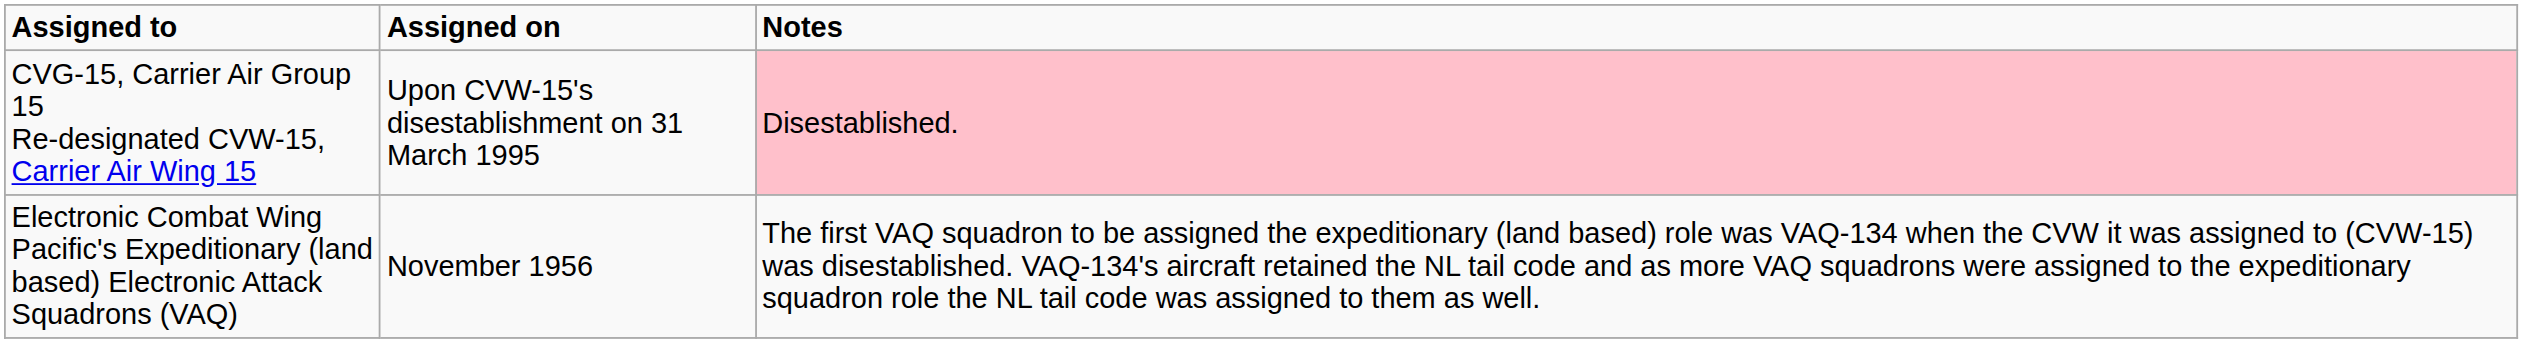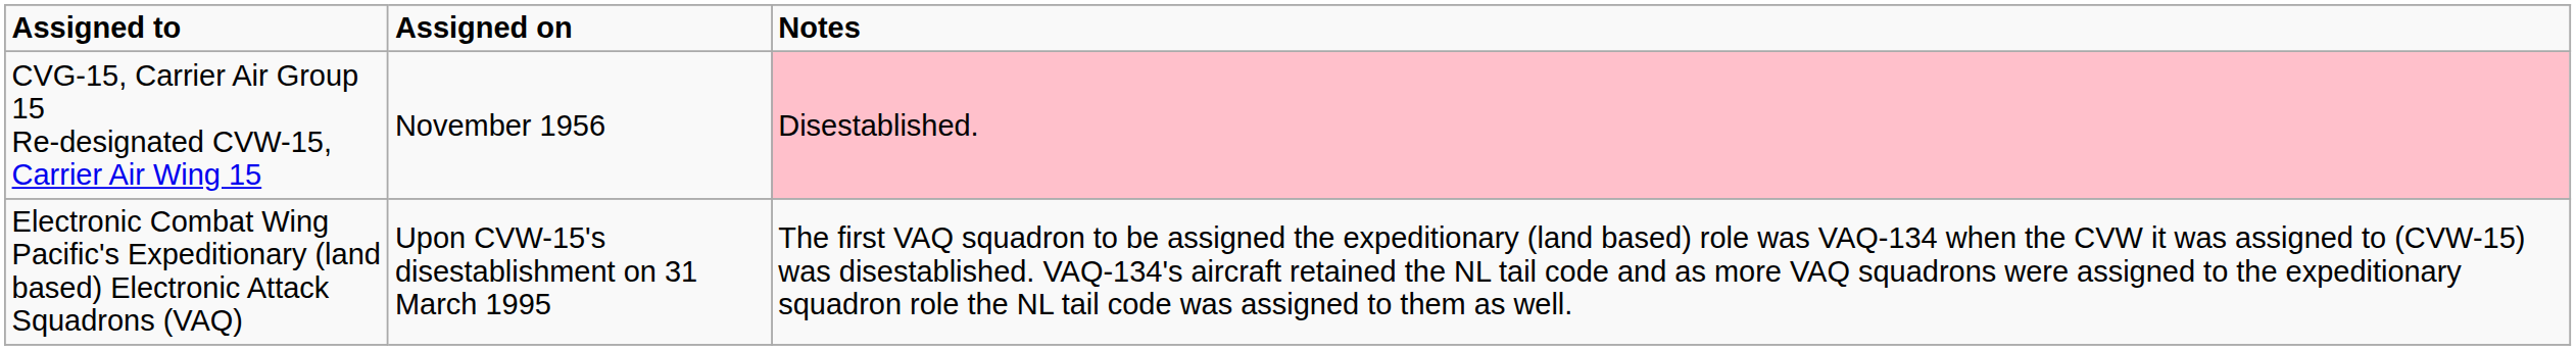 <table class="wikitable" style="width: 70%;">
 <tr>
 <td style="width: 200px;"><strong>Assigned to</strong></td>
 <td style="width: 200px;"><strong>Assigned on</strong></td>
 <td><strong>Notes</strong></td>
 </tr>
 <tr>
 <td>CVG-15, Carrier Air Group 15<br>Re-designated CVW-15, <a href='#'>Carrier Air Wing 15</a></td>
-<td>Upon CVW-15's disestablishment on 31 March 1995</td>
+<td>November 1956</td>
 <td style="background: pink;">Disestablished.</td>
 </tr>
 <tr>
 <td>Electronic Combat Wing Pacific's Expeditionary (land based) Electronic Attack Squadrons (VAQ)</td>
-<td>November 1956</td>
+<td>Upon CVW-15's disestablishment on 31 March 1995</td>
 <td>The first VAQ squadron to be assigned the expeditionary (land based) role was VAQ-134 when the CVW it was assigned to (CVW-15) was disestablished. VAQ-134's aircraft retained the NL tail code and as more VAQ squadrons were assigned to the expeditionary squadron role the NL tail code was assigned to them as well.</td>
 </tr>
 </table>
